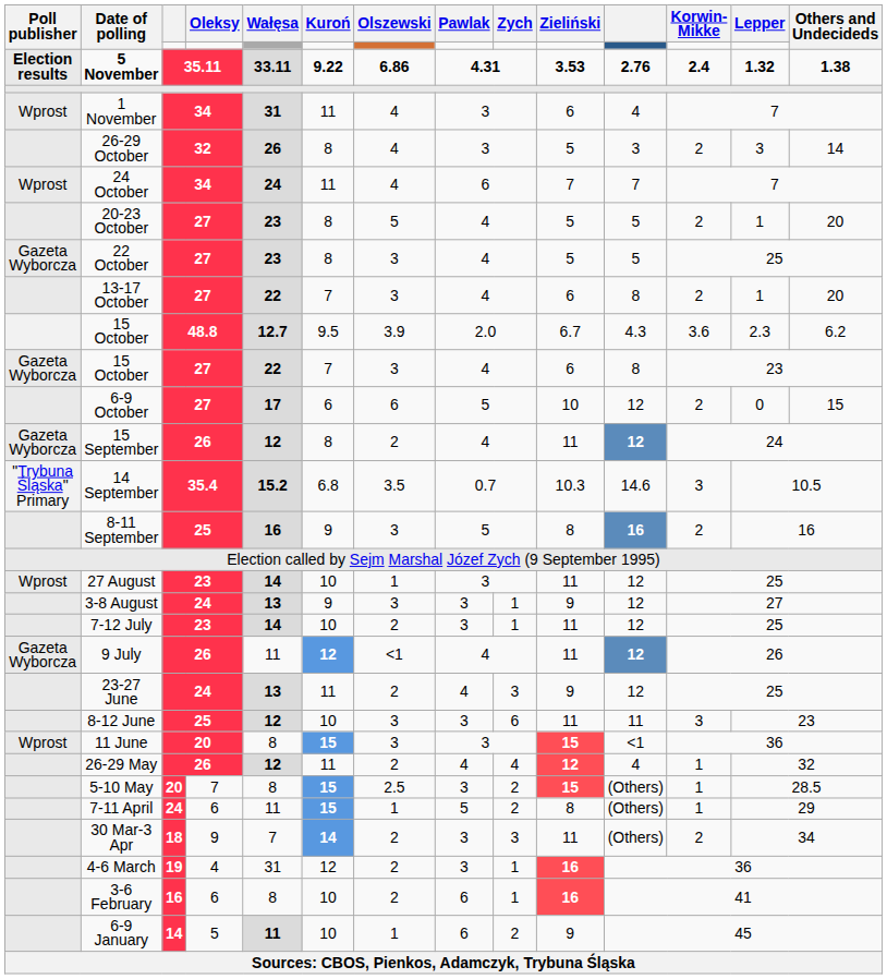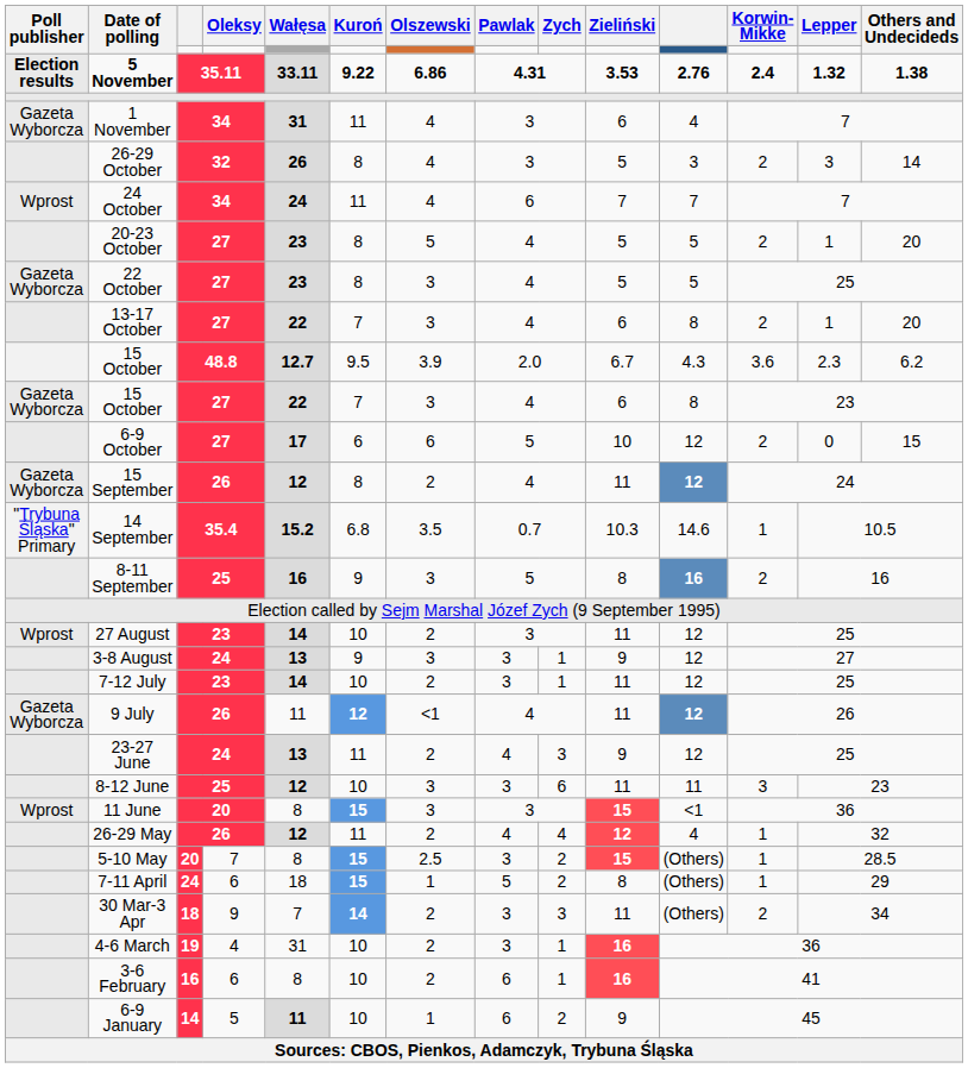 <table class="wikitable" style="text-align:center; font-size:90%; line-height:14px;">
 <tr>
 <th rowspan="2">Poll publisher</th>
 <th rowspan="2">Date of polling</th>
 <th style="width:45px;"><br></th>
 <th style="width:45px;"><a href='#'>Oleksy</a><br></th>
 <th style="width:90px;"><a href='#'>Wałęsa</a><br></th>
 <th style="width:90px;"><a href='#'>Kuroń</a><br></th>
 <th style="width:90px;"><a href='#'>Olszewski</a><br></th>
 <th style="width:45px;"><a href='#'>Pawlak</a><br></th>
 <th style="width:45px;"><a href='#'>Zych</a><br></th>
 <th style="width:90px;"><a href='#'>Zieliński</a><br></th>
 <th style="width:90px;"><br></th>
 <th style="width:90px;"><a href='#'>Korwin-Mikke</a><br></th>
 <th style="width:90px;"><a href='#'>Lepper</a><br></th>
 <th rowspan="2">Others and<br>Undecideds</th>
 </tr>
 <tr>
 <td style="background:"></td>
 <td style="background:"></td>
 <td style="background:#A9A9A9;"></td>
 <td style="background:"></td>
 <td style="background:#D47034;"></td>
 <td style="background:"></td>
 <td style="background:"></td>
 <td style="background:"></td>
 <td style="background:#295989;"></td>
 <td style="background:"></td>
 <td style="background:"></td>
 </tr>
 <tr>
 <td style="background-color:#E9E9E9"><strong>Election results</strong></td>
 <td><strong>5 November</strong></td>
 <td colspan="2" style="background:#FF324C; color:white;"><strong>35.11</strong></td>
 <td style="background:#DBDBDB; color:black;"><strong>33.11</strong></td>
 <td><strong>9.22</strong></td>
 <td><strong>6.86</strong></td>
 <td colspan="2"><strong>4.31</strong></td>
 <td><strong>3.53</strong></td>
 <td><strong>2.76</strong></td>
 <td><strong>2.4</strong></td>
 <td><strong>1.32</strong></td>
 <td><strong>1.38</strong></td>
 </tr>
 <tr>
 <td colspan="14" style="background-color:#E9E9E9"></td>
 </tr>
 <tr>
-<td style="background-color:#E9E9E9">Wprost</td>
+<td style="background-color:#E9E9E9">Gazeta Wyborcza</td>
 <td>1 November</td>
 <td colspan="2" style="background:#FF324C; color:white;"><strong>34</strong></td>
 <td style="background:#DBDBDB; color:black;"><strong>31</strong></td>
 <td>11</td>
 <td>4</td>
 <td colspan="2">3</td>
 <td>6</td>
 <td>4</td>
 <td colspan="3">7</td>
 </tr>
 <tr>
 <td style="background-color:#E9E9E9"></td>
 <td>26-29 October</td>
 <td colspan="2" style="background:#FF324C; color:white;"><strong>32</strong></td>
 <td style="background:#DBDBDB; color:black;"><strong>26</strong></td>
 <td>8</td>
 <td>4</td>
 <td colspan="2">3</td>
 <td>5</td>
 <td>3</td>
 <td>2</td>
 <td>3</td>
 <td>14</td>
 </tr>
 <tr>
 <td style="background-color:#E9E9E9">Wprost</td>
 <td>24 October</td>
 <td colspan="2" style="background:#FF324C; color:white;"><strong>34</strong></td>
 <td style="background:#DBDBDB; color:black;"><strong>24</strong></td>
 <td>11</td>
 <td>4</td>
 <td colspan="2">6</td>
 <td>7</td>
 <td>7</td>
 <td colspan="3">7</td>
 </tr>
 <tr>
 <td style="background-color:#E9E9E9"></td>
 <td>20-23 October</td>
 <td colspan="2" style="background:#FF324C; color:white;"><strong>27</strong></td>
 <td style="background:#DBDBDB; color:black;"><strong>23</strong></td>
 <td>8</td>
 <td>5</td>
 <td colspan="2">4</td>
 <td>5</td>
 <td>5</td>
 <td>2</td>
 <td>1</td>
 <td>20</td>
 </tr>
 <tr>
 <td style="background-color:#E9E9E9">Gazeta Wyborcza</td>
 <td>22 October</td>
 <td colspan="2" style="background:#FF324C; color:white;"><strong>27</strong></td>
 <td style="background:#DBDBDB; color:black;"><strong>23</strong></td>
 <td>8</td>
 <td>3</td>
 <td colspan="2">4</td>
 <td>5</td>
 <td>5</td>
 <td colspan="3">25</td>
 </tr>
 <tr>
 <td style="background-color:#E9E9E9"></td>
 <td>13-17 October</td>
 <td colspan="2" style="background:#FF324C; color:white;"><strong>27</strong></td>
 <td style="background:#DBDBDB; color:black;"><strong>22</strong></td>
 <td>7</td>
 <td>3</td>
 <td colspan="2">4</td>
 <td>6</td>
 <td>8</td>
 <td>2</td>
 <td>1</td>
 <td>20</td>
 </tr>
 <tr>
 <td style="background-color:#F2F2F2"></td>
 <td>15 October</td>
 <td colspan="2" style="background:#FF324C; color:white;"><strong>48.8</strong></td>
 <td style="background:#DBDBDB; color:black;"><strong>12.7</strong></td>
 <td>9.5</td>
 <td>3.9</td>
 <td colspan="2">2.0</td>
 <td>6.7</td>
 <td>4.3</td>
 <td>3.6</td>
 <td>2.3</td>
 <td>6.2</td>
 </tr>
 <tr>
 <td style="background-color:#E9E9E9">Gazeta Wyborcza</td>
 <td>15 October</td>
 <td colspan="2" style="background:#FF324C; color:white;"><strong>27</strong></td>
 <td style="background:#DBDBDB; color:black;"><strong>22</strong></td>
 <td>7</td>
 <td>3</td>
 <td colspan="2">4</td>
 <td>6</td>
 <td>8</td>
 <td colspan="3">23</td>
 </tr>
 <tr>
 <td style="background-color:#E9E9E9"></td>
 <td>6-9 October</td>
 <td colspan="2" style="background:#FF324C; color:white;"><strong>27</strong></td>
 <td style="background:#DBDBDB; color:black;"><strong>17</strong></td>
 <td>6</td>
 <td>6</td>
 <td colspan="2">5</td>
 <td>10</td>
 <td>12</td>
 <td>2</td>
 <td>0</td>
 <td>15</td>
 </tr>
 <tr>
 <td style="background-color:#E9E9E9">Gazeta Wyborcza</td>
 <td>15 September</td>
 <td colspan="2" style="background:#FF324C; color:white;"><strong>26</strong></td>
 <td style="background:#DBDBDB; color:black;"><strong>12</strong></td>
 <td>8</td>
 <td>2</td>
 <td colspan="2">4</td>
 <td>11</td>
 <td style="background:#5B8BBB; color:white;"><strong>12</strong></td>
 <td colspan="3">24</td>
 </tr>
 <tr>
 <td style="background-color:#F2F2F2">"<a href='#'>Trybuna Śląska</a>" Primary</td>
 <td>14 September</td>
 <td colspan="2" style="background:#FF324C; color:white;"><strong>35.4</strong></td>
 <td style="background:#DBDBDB; color:black;"><strong>15.2</strong></td>
 <td>6.8</td>
 <td>3.5</td>
 <td colspan="2">0.7</td>
 <td>10.3</td>
 <td>14.6</td>
-<td>3</td>
+<td>1</td>
 <td colspan="2">10.5</td>
 </tr>
 <tr>
 <td style="background-color:#E9E9E9"></td>
 <td>8-11 September</td>
 <td colspan="2" style="background:#FF324C; color:white;"><strong>25</strong></td>
 <td style="background:#DBDBDB; color:black;"><strong>16</strong></td>
 <td>9</td>
 <td>3</td>
 <td colspan="2">5</td>
 <td>8</td>
 <td style="background:#5B8BBB; color:white;"><strong>16</strong></td>
 <td>2</td>
 <td colspan="2">16</td>
 </tr>
 <tr>
 <td colspan="14" style="background-color:#E9E9E9">Election called by <a href='#'>Sejm</a> <a href='#'>Marshal</a> <a href='#'>Józef Zych</a> (9 September 1995)</td>
 </tr>
 <tr>
 <td style="background-color:#E9E9E9">Wprost</td>
 <td>27 August</td>
 <td colspan="2" style="background:#FF324C; color:white;"><strong>23</strong></td>
 <td style="background:#DBDBDB; color:black;"><strong>14</strong></td>
 <td>10</td>
-<td>1</td>
+<td>2</td>
 <td colspan="2">3</td>
 <td>11</td>
 <td>12</td>
 <td colspan="3">25</td>
 </tr>
 <tr>
 <td style="background-color:#E9E9E9"></td>
 <td>3-8 August</td>
 <td colspan="2" style="background:#FF324C; color:white;"><strong>24</strong></td>
 <td style="background:#DBDBDB; color:black;"><strong>13</strong></td>
 <td>9</td>
 <td>3</td>
 <td>3</td>
 <td>1</td>
 <td>9</td>
 <td>12</td>
 <td colspan="3">27</td>
 </tr>
 <tr>
 <td style="background-color:#E9E9E9"></td>
 <td>7-12 July</td>
 <td colspan="2" style="background:#FF324C; color:white;"><strong>23</strong></td>
 <td style="background:#DBDBDB; color:black;"><strong>14</strong></td>
 <td>10</td>
 <td>2</td>
 <td>3</td>
 <td>1</td>
 <td>11</td>
 <td>12</td>
 <td colspan="3">25</td>
 </tr>
 <tr>
 <td style="background-color:#E9E9E9">Gazeta Wyborcza</td>
 <td>9 July</td>
 <td colspan="2" style="background:#FF324C; color:white;"><strong>26</strong></td>
 <td>11</td>
 <td style="background:#5898E0; color:white;"><strong>12</strong></td>
 <td><1</td>
 <td colspan="2">4</td>
 <td>11</td>
 <td style="background:#5B8BBB; color:white;"><strong>12</strong></td>
 <td colspan="3">26</td>
 </tr>
 <tr>
 <td style="background-color:#E9E9E9"></td>
 <td>23-27 June</td>
 <td colspan="2" style="background:#FF324C; color:white;"><strong>24</strong></td>
 <td style="background:#DBDBDB; color:black;"><strong>13</strong></td>
 <td>11</td>
 <td>2</td>
 <td>4</td>
 <td>3</td>
 <td>9</td>
 <td>12</td>
 <td colspan="3">25</td>
 </tr>
 <tr>
 <td style="background-color:#E9E9E9"></td>
 <td>8-12 June</td>
 <td colspan="2" style="background:#FF324C; color:white;"><strong>25</strong></td>
 <td style="background:#DBDBDB; color:black;"><strong>12</strong></td>
 <td>10</td>
 <td>3</td>
 <td>3</td>
 <td>6</td>
 <td>11</td>
 <td>11</td>
 <td>3</td>
 <td colspan="2">23</td>
 </tr>
 <tr>
 <td style="background-color:#E9E9E9">Wprost</td>
 <td>11 June</td>
 <td colspan="2" style="background:#FF324C; color:white;"><strong>20</strong></td>
 <td>8</td>
 <td style="background:#5898E0; color:white;"><strong>15</strong></td>
 <td>3</td>
 <td colspan="2">3</td>
 <td style="background:#FF4E56; color:white;"><strong>15</strong></td>
 <td><1</td>
 <td colspan="3">36</td>
 </tr>
 <tr>
 <td style="background-color:#E9E9E9"></td>
 <td>26-29 May</td>
 <td colspan="2" style="background:#FF324C; color:white;"><strong>26</strong></td>
 <td style="background:#DBDBDB; color:black;"><strong>12</strong></td>
 <td>11</td>
 <td>2</td>
 <td>4</td>
 <td>4</td>
 <td style="background:#FF4E56; color:white;"><strong>12</strong></td>
 <td>4</td>
 <td>1</td>
 <td colspan="2">32</td>
 </tr>
 <tr>
 <td style="background-color:#E9E9E9"></td>
 <td>5-10 May</td>
 <td style="background:#FF324C; color:white;"><strong>20</strong></td>
 <td>7</td>
 <td>8</td>
 <td style="background:#5898E0; color:white;"><strong>15</strong></td>
 <td>2.5</td>
 <td>3</td>
 <td>2</td>
 <td style="background:#FF4E56; color:white;"><strong>15</strong></td>
 <td>(Others)</td>
 <td>1</td>
 <td colspan="2">28.5</td>
 </tr>
 <tr>
 <td style="background-color:#E9E9E9"></td>
 <td>7-11 April</td>
 <td style="background:#FF324C; color:white;"><strong>24</strong></td>
 <td>6</td>
-<td>11</td>
+<td>18</td>
 <td style="background:#5898E0; color:white;"><strong>15</strong></td>
 <td>1</td>
 <td>5</td>
 <td>2</td>
 <td>8</td>
 <td>(Others)</td>
 <td>1</td>
 <td colspan="2">29</td>
 </tr>
 <tr>
 <td style="background-color:#E9E9E9"></td>
 <td>30 Mar-3 Apr</td>
 <td style="background:#FF324C; color:white;"><strong>18</strong></td>
 <td>9</td>
 <td>7</td>
 <td style="background:#5898E0; color:white;"><strong>14</strong></td>
 <td>2</td>
 <td>3</td>
 <td>3</td>
 <td>11</td>
 <td>(Others)</td>
 <td>2</td>
 <td colspan="2">34</td>
 </tr>
 <tr>
 <td style="background-color:#E9E9E9"></td>
 <td>4-6 March</td>
 <td style="background:#FF324C; color:white;"><strong>19</strong></td>
 <td>4</td>
 <td>31</td>
-<td>12</td>
+<td>10</td>
 <td>2</td>
 <td>3</td>
 <td>1</td>
 <td style="background:#FF4E56; color:white;"><strong>16</strong></td>
 <td colspan="4">36</td>
 </tr>
 <tr>
 <td style="background-color:#E9E9E9"></td>
 <td>3-6 February</td>
 <td style="background:#FF324C; color:white;"><strong>16</strong></td>
 <td>6</td>
 <td>8</td>
 <td>10</td>
 <td>2</td>
 <td>6</td>
 <td>1</td>
 <td style="background:#FF4E56; color:white;"><strong>16</strong></td>
 <td colspan="4">41</td>
 </tr>
 <tr>
 <td style="background-color:#E9E9E9"></td>
 <td>6-9 January</td>
 <td style="background:#FF324C; color:white;"><strong>14</strong></td>
 <td>5</td>
 <td style="background:#DBDBDB; color:black;"><strong>11</strong></td>
 <td>10</td>
 <td>1</td>
 <td>6</td>
 <td>2</td>
 <td>9</td>
 <td colspan="4">45</td>
 </tr>
 <tr>
 <th colspan=14 align=left>Sources: CBOS, Pienkos, Adamczyk, Trybuna Śląska</th>
 </tr>
 </table>
